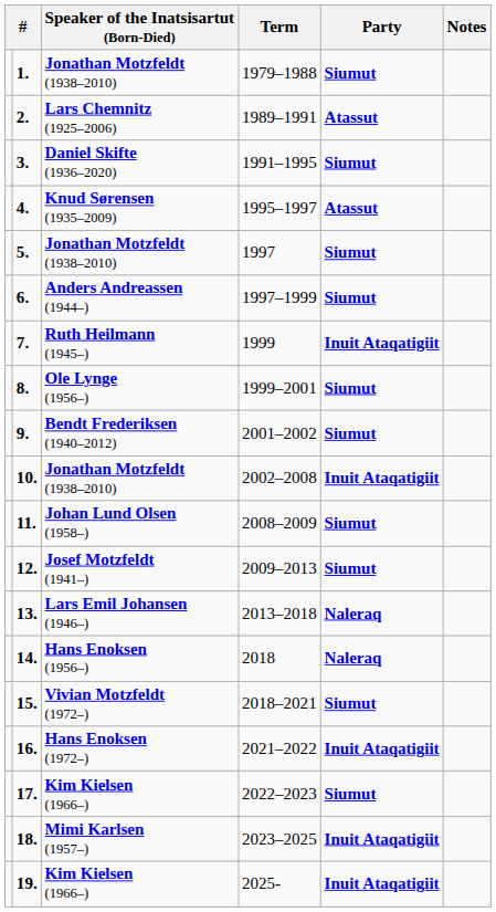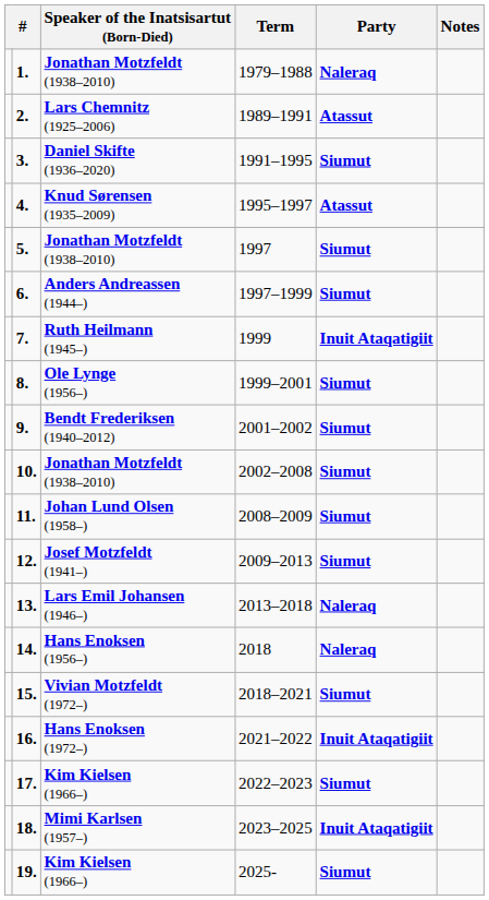 <table class="wikitable sortable" text-align:center>
 <tr>
 <th colspan="2">#</th>
 <th>Speaker of the Inatsisartut<br><small>(Born-Died)</small></th>
 <th>Term</th>
 <th>Party</th>
 <th>Notes</th>
 </tr>
 <tr>
 <td></td>
 <td><strong>1.</strong></td>
 <td><strong><a href='#'>Jonathan Motzfeldt</a></strong><br><small>(1938–2010)</small></td>
 <td>1979–1988</td>
-<td><strong><a href='#'>Siumut</a></strong></td>
+<td><strong><a href='#'>Naleraq</a></strong></td>
 <td></td>
 </tr>
 <tr>
 <td></td>
 <td><strong>2.</strong></td>
 <td><strong><a href='#'>Lars Chemnitz</a></strong><br><small>(1925–2006)</small></td>
 <td>1989–1991</td>
 <td><strong><a href='#'>Atassut</a></strong></td>
 <td></td>
 </tr>
 <tr>
 <td></td>
 <td><strong>3.</strong></td>
 <td><strong><a href='#'>Daniel Skifte</a></strong><br><small>(1936–2020)</small></td>
 <td>1991–1995</td>
 <td><strong><a href='#'>Siumut</a></strong></td>
 <td></td>
 </tr>
 <tr>
 <td></td>
 <td><strong>4.</strong></td>
 <td><strong><a href='#'>Knud Sørensen</a></strong><br><small>(1935–2009)</small></td>
 <td>1995–1997</td>
 <td><strong><a href='#'>Atassut</a></strong></td>
 <td></td>
 </tr>
 <tr>
 <td></td>
 <td><strong>5.</strong></td>
 <td><strong><a href='#'>Jonathan Motzfeldt</a></strong><br><small>(1938–2010)</small></td>
 <td>1997</td>
 <td><strong><a href='#'>Siumut</a></strong></td>
 <td></td>
 </tr>
 <tr>
 <td></td>
 <td><strong>6.</strong></td>
 <td><strong><a href='#'>Anders Andreassen</a></strong><br><small>(1944–)</small></td>
 <td>1997–1999</td>
 <td><strong><a href='#'>Siumut</a></strong></td>
 <td></td>
 </tr>
 <tr>
 <td></td>
 <td><strong>7.</strong></td>
 <td><strong><a href='#'>Ruth Heilmann</a></strong><br><small>(1945–)</small></td>
 <td>1999</td>
 <td><strong><a href='#'>Inuit Ataqatigiit</a></strong></td>
 <td></td>
 </tr>
 <tr>
 <td></td>
 <td><strong>8.</strong></td>
 <td><strong><a href='#'>Ole Lynge</a></strong><br><small>(1956–)</small></td>
 <td>1999–2001</td>
 <td><strong><a href='#'>Siumut</a></strong></td>
 <td></td>
 </tr>
 <tr>
 <td></td>
 <td><strong>9.</strong></td>
 <td><strong><a href='#'>Bendt Frederiksen</a></strong><br><small>(1940–2012)</small></td>
 <td>2001–2002</td>
 <td><strong><a href='#'>Siumut</a></strong></td>
 <td></td>
 </tr>
 <tr>
 <td></td>
 <td><strong>10.</strong></td>
 <td><strong><a href='#'>Jonathan Motzfeldt</a></strong><br><small>(1938–2010)</small></td>
 <td>2002–2008</td>
-<td><strong><a href='#'>Inuit Ataqatigiit</a></strong></td>
+<td><strong><a href='#'>Siumut</a></strong></td>
 <td></td>
 </tr>
 <tr>
 <td></td>
 <td><strong>11.</strong></td>
 <td><strong><a href='#'>Johan Lund Olsen</a></strong><br><small>(1958–)</small></td>
 <td>2008–2009</td>
 <td><strong><a href='#'>Siumut</a></strong></td>
 <td></td>
 </tr>
 <tr>
 <td></td>
 <td><strong>12.</strong></td>
 <td><strong><a href='#'>Josef Motzfeldt</a></strong><br><small>(1941–)</small></td>
 <td>2009–2013</td>
 <td><strong><a href='#'>Siumut</a></strong></td>
 <td></td>
 </tr>
 <tr>
 <td></td>
 <td><strong>13.</strong></td>
 <td><strong><a href='#'>Lars Emil Johansen</a></strong><br><small>(1946–)</small></td>
 <td>2013–2018</td>
 <td><strong><a href='#'>Naleraq</a></strong></td>
 <td></td>
 </tr>
 <tr>
 <td></td>
 <td><strong>14.</strong></td>
 <td><strong><a href='#'>Hans Enoksen</a></strong><br><small>(1956–)</small></td>
 <td>2018</td>
 <td><strong><a href='#'>Naleraq</a></strong></td>
 <td></td>
 </tr>
 <tr>
 <td></td>
 <td><strong>15.</strong></td>
 <td><strong><a href='#'>Vivian Motzfeldt</a></strong><br><small>(1972–)</small></td>
 <td>2018–2021</td>
 <td><strong><a href='#'>Siumut</a></strong></td>
 <td></td>
 </tr>
 <tr>
 <td></td>
 <td><strong>16.</strong></td>
 <td><strong><a href='#'>Hans Enoksen</a></strong><br><small>(1972–)</small></td>
 <td>2021–2022</td>
 <td><strong><a href='#'>Inuit Ataqatigiit</a></strong></td>
 </tr>
 <tr>
 <td></td>
 <td><strong>17.</strong></td>
 <td><strong><a href='#'>Kim Kielsen</a></strong><br><small>(1966–)</small></td>
 <td>2022–2023</td>
 <td><strong><a href='#'>Siumut</a></strong></td>
 <td></td>
 </tr>
 <tr>
 <td></td>
 <td><strong>18.</strong></td>
 <td><strong><a href='#'>Mimi Karlsen</a></strong><br><small>(1957–)</small></td>
 <td>2023–2025</td>
 <td><strong><a href='#'>Inuit Ataqatigiit</a></strong></td>
 <td></td>
 </tr>
 <tr>
 <td></td>
 <td><strong>19.</strong></td>
 <td><strong><a href='#'>Kim Kielsen</a></strong><br><small>(1966–)</small></td>
 <td>2025-</td>
-<td><strong><a href='#'>Inuit Ataqatigiit</a></strong></td>
+<td><strong><a href='#'>Siumut</a></strong></td>
 <td></td>
 </tr>
 </table>
